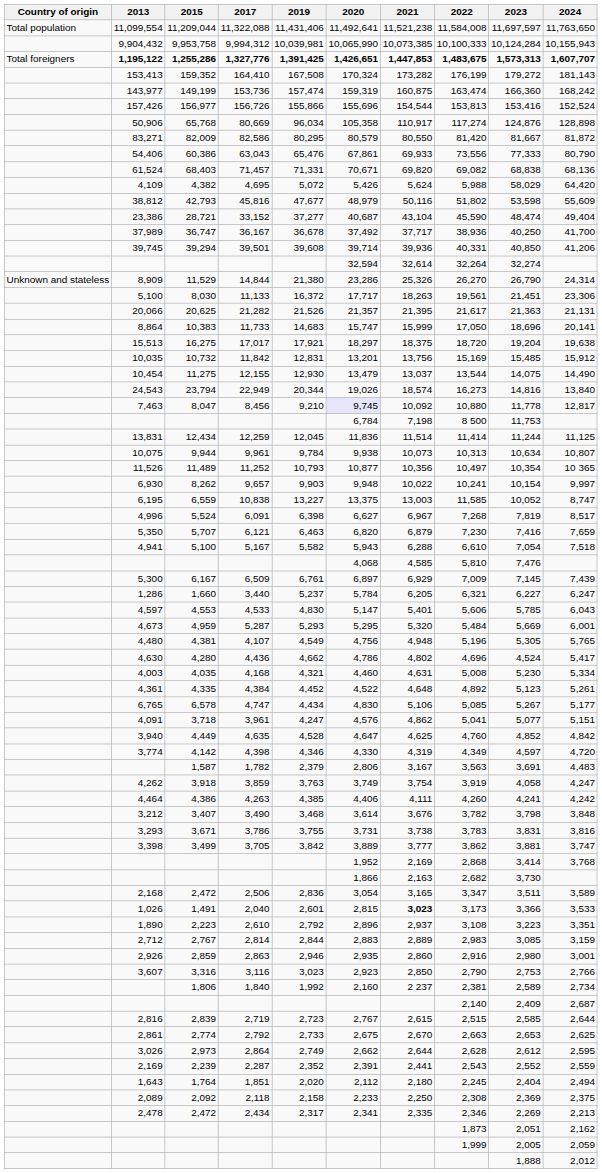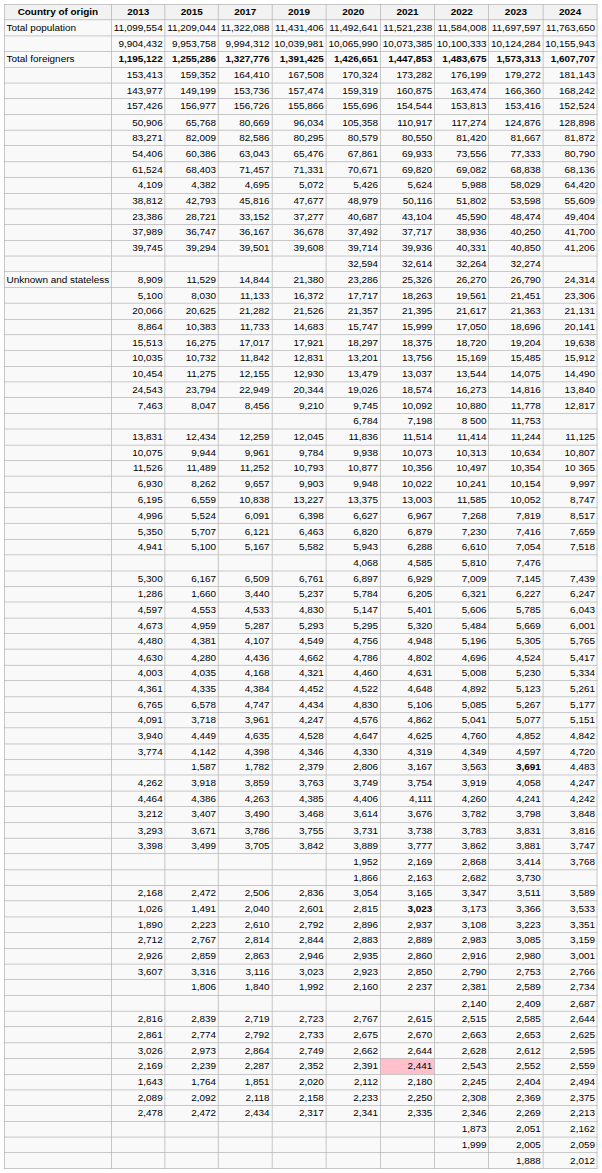 <table class="wikitable sortable">
 <tr>
 <th>Country of origin</th>
 <th>2013</th>
 <th>2015</th>
 <th>2017</th>
 <th>2019</th>
 <th>2020</th>
 <th>2021</th>
 <th>2022</th>
 <th>2023</th>
 <th>2024</th>
 </tr>
 <tr>
 <td>Total population</td>
 <td align="right">11,099,554</td>
 <td align="right">11,209,044</td>
 <td align="right">11,322,088</td>
 <td align="right">11,431,406</td>
 <td align="right">11,492,641</td>
 <td align="right">11,521,238</td>
 <td align="right">11,584,008</td>
 <td align="right">11,697,597</td>
 <td align="right">11,763,650</td>
 </tr>
 <tr>
 <td></td>
 <td align="right">9,904,432</td>
 <td align="right">9,953,758</td>
 <td align="right">9,994,312</td>
 <td align="right">10,039,981</td>
 <td align="right">10,065,990</td>
 <td align="right">10,073,385</td>
 <td align="right">10,100,333</td>
 <td align="right">10,124,284</td>
 <td align="right">10,155,943</td>
 </tr>
 <tr>
 <td>Total foreigners</td>
 <td align="right"><strong>1,195,122</strong></td>
 <td align="right"><strong>1,255,286</strong></td>
 <td align="right"><strong>1,327,776</strong></td>
 <td align="right"><strong>1,391,425</strong></td>
 <td align="right"><strong>1,426,651</strong></td>
 <td align="right"><strong>1,447,853</strong></td>
 <td align="right"><strong>1,483,675</strong></td>
 <td align="right"><strong>1,573,313</strong></td>
 <td align="right"><strong>1,607,707</strong></td>
 </tr>
 <tr>
 <td></td>
 <td align="right">153,413</td>
 <td align="right">159,352</td>
 <td align="right">164,410</td>
 <td align="right">167,508</td>
 <td align="right">170,324</td>
 <td align="right">173,282</td>
 <td align="right">176,199</td>
 <td align="right">179,272</td>
 <td align="right">181,143</td>
 </tr>
 <tr>
 <td></td>
 <td align="right">143,977</td>
 <td align="right">149,199</td>
 <td align="right">153,736</td>
 <td align="right">157,474</td>
 <td align="right">159,319</td>
 <td align="right">160,875</td>
 <td align="right">163,474</td>
 <td align="right">166,360</td>
 <td align="right">168,242</td>
 </tr>
 <tr>
 <td></td>
 <td align="right">157,426</td>
 <td align="right">156,977</td>
 <td align="right">156,726</td>
 <td align="right">155,866</td>
 <td align="right">155,696</td>
 <td align="right">154,544</td>
 <td align="right">153,813</td>
 <td align="right">153,416</td>
 <td align="right">152,524</td>
 </tr>
 <tr>
 <td></td>
 <td align="right">50,906</td>
 <td align="right">65,768</td>
 <td align="right">80,669</td>
 <td align="right">96,034</td>
 <td align="right">105,358</td>
 <td align="right">110,917</td>
 <td align="right">117,274</td>
 <td align="right">124,876</td>
 <td align="right">128,898</td>
 </tr>
 <tr>
 <td></td>
 <td align="right">83,271</td>
 <td align="right">82,009</td>
 <td align="right">82,586</td>
 <td align="right">80,295</td>
 <td align="right">80,579</td>
 <td align="right">80,550</td>
 <td align="right">81,420</td>
 <td align="right">81,667</td>
 <td align="right">81,872</td>
 </tr>
 <tr>
 <td></td>
 <td align="right">54,406</td>
 <td align="right">60,386</td>
 <td align="right">63,043</td>
 <td align="right">65,476</td>
 <td align="right">67,861</td>
 <td align="right">69,933</td>
 <td align="right">73,556</td>
 <td align="right">77,333</td>
 <td align="right">80,790</td>
 </tr>
 <tr>
 <td></td>
 <td align="right">61,524</td>
 <td align="right">68,403</td>
 <td align="right">71,457</td>
 <td align="right">71,331</td>
 <td align="right">70,671</td>
 <td align="right">69,820</td>
 <td align="right">69,082</td>
 <td align="right">68,838</td>
 <td align="right">68,136</td>
 </tr>
 <tr>
 <td></td>
 <td align="right">4,109</td>
 <td align="right">4,382</td>
 <td align="right">4,695</td>
 <td align="right">5,072</td>
 <td align="right">5,426</td>
 <td align="right">5,624</td>
 <td align="right">5,988</td>
 <td align="right">58,029</td>
 <td align="right">64,420</td>
 </tr>
 <tr>
 <td></td>
 <td align="right">38,812</td>
 <td align="right">42,793</td>
 <td align="right">45,816</td>
 <td align="right">47,677</td>
 <td align="right">48,979</td>
 <td align="right">50,116</td>
 <td align="right">51,802</td>
 <td align="right">53,598</td>
 <td align="right">55,609</td>
 </tr>
 <tr>
 <td></td>
 <td align="right">23,386</td>
 <td align="right">28,721</td>
 <td align="right">33,152</td>
 <td align="right">37,277</td>
 <td align="right">40,687</td>
 <td align="right">43,104</td>
 <td align="right">45,590</td>
 <td align="right">48,474</td>
 <td align="right">49,404</td>
 </tr>
 <tr>
 <td></td>
 <td align="right">37,989</td>
 <td align="right">36,747</td>
 <td align="right">36,167</td>
 <td align="right">36,678</td>
 <td align="right">37,492</td>
 <td align="right">37,717</td>
 <td align="right">38,936</td>
 <td align="right">40,250</td>
 <td align="right">41,700</td>
 </tr>
 <tr>
 <td></td>
 <td align="right">39,745</td>
 <td align="right">39,294</td>
 <td align="right">39,501</td>
 <td align="right">39,608</td>
 <td align="right">39,714</td>
 <td align="right">39,936</td>
 <td align="right">40,331</td>
 <td align="right">40,850</td>
 <td align="right">41,206</td>
 </tr>
 <tr>
 <td></td>
 <td align="right"></td>
 <td align="right"></td>
 <td align="right"></td>
 <td align="right"></td>
 <td align="right">32,594</td>
 <td align="right">32,614</td>
 <td align="right">32,264</td>
 <td align="right">32,274</td>
 <td></td>
 </tr>
 <tr>
 <td>Unknown and stateless</td>
 <td align="right">8,909</td>
 <td align="right">11,529</td>
 <td align="right">14,844</td>
 <td align="right">21,380</td>
 <td align="right">23,286</td>
 <td align="right">25,326</td>
 <td align="right">26,270</td>
 <td align="right">26,790</td>
 <td align="right">24,314</td>
 </tr>
 <tr>
 <td></td>
 <td align="right">5,100</td>
 <td align="right">8,030</td>
 <td align="right">11,133</td>
 <td align="right">16,372</td>
 <td align="right">17,717</td>
 <td align="right">18,263</td>
 <td align="right">19,561</td>
 <td align="right">21,451</td>
 <td align="right">23,306</td>
 </tr>
 <tr>
 <td></td>
 <td align="right">20,066</td>
 <td align="right">20,625</td>
 <td align="right">21,282</td>
 <td align="right">21,526</td>
 <td align="right">21,357</td>
 <td align="right">21,395</td>
 <td align="right">21,617</td>
 <td align="right">21,363</td>
 <td align="right">21,131</td>
 </tr>
 <tr>
 <td></td>
 <td align="right">8,864</td>
 <td align="right">10,383</td>
 <td align="right">11,733</td>
 <td align="right">14,683</td>
 <td align="right">15,747</td>
 <td align="right">15,999</td>
 <td align="right">17,050</td>
 <td align="right">18,696</td>
 <td align="right">20,141</td>
 </tr>
 <tr>
 <td></td>
 <td align="right">15,513</td>
 <td align="right">16,275</td>
 <td align="right">17,017</td>
 <td align="right">17,921</td>
 <td align="right">18,297</td>
 <td align="right">18,375</td>
 <td align="right">18,720</td>
 <td align="right">19,204</td>
 <td align="right">19,638</td>
 </tr>
 <tr>
 <td></td>
 <td align="right">10,035</td>
 <td align="right">10,732</td>
 <td align="right">11,842</td>
 <td align="right">12,831</td>
 <td align="right">13,201</td>
 <td align="right">13,756</td>
 <td align="right">15,169</td>
 <td align="right">15,485</td>
 <td align="right">15,912</td>
 </tr>
 <tr>
 <td></td>
 <td align="right">10,454</td>
 <td align="right">11,275</td>
 <td align="right">12,155</td>
 <td align="right">12,930</td>
 <td align="right">13,479</td>
 <td align="right">13,037</td>
 <td align="right">13,544</td>
 <td align="right">14,075</td>
 <td align="right">14,490</td>
 </tr>
 <tr>
 <td></td>
 <td align="right">24,543</td>
 <td align="right">23,794</td>
 <td align="right">22,949</td>
 <td align="right">20,344</td>
 <td align="right">19,026</td>
 <td align="right">18,574</td>
 <td align="right">16,273</td>
 <td align="right">14,816</td>
 <td align="right">13,840</td>
 </tr>
 <tr>
 <td></td>
 <td align="right">7,463</td>
 <td align="right">8,047</td>
 <td align="right">8,456</td>
 <td align="right">9,210</td>
-<td align="right" style="background: lavender;">9,745</td>
+<td align="right">9,745</td>
 <td align="right">10,092</td>
 <td align="right">10,880</td>
 <td align="right">11,778</td>
 <td align="right">12,817</td>
 </tr>
 <tr>
 <td></td>
 <td align="right"></td>
 <td align="right"></td>
 <td align="right"></td>
 <td align="right"></td>
 <td align="right">6,784</td>
 <td align="right">7,198</td>
 <td align="right">8 500</td>
 <td align="right">11,753</td>
 <td></td>
 </tr>
 <tr>
 <td></td>
 <td align="right">13,831</td>
 <td align="right">12,434</td>
 <td align="right">12,259</td>
 <td align="right">12,045</td>
 <td align="right">11,836</td>
 <td align="right">11,514</td>
 <td align="right">11,414</td>
 <td align="right">11,244</td>
 <td align="right">11,125</td>
 </tr>
 <tr>
 <td></td>
 <td align="right">10,075</td>
 <td align="right">9,944</td>
 <td align="right">9,961</td>
 <td align="right">9,784</td>
 <td align="right">9,938</td>
 <td align="right">10,073</td>
 <td align="right">10,313</td>
 <td align="right">10,634</td>
 <td align="right">10,807</td>
 </tr>
 <tr>
 <td></td>
 <td align="right">11,526</td>
 <td align="right">11,489</td>
 <td align="right">11,252</td>
 <td align="right">10,793</td>
 <td align="right">10,877</td>
 <td align="right">10,356</td>
 <td align="right">10,497</td>
 <td align="right">10,354</td>
 <td align="right">10 365</td>
 </tr>
 <tr>
 <td></td>
 <td align="right">6,930</td>
 <td align="right">8,262</td>
 <td align="right">9,657</td>
 <td align="right">9,903</td>
 <td align="right">9,948</td>
 <td align="right">10,022</td>
 <td align="right">10,241</td>
 <td align="right">10,154</td>
 <td align="right">9,997</td>
 </tr>
 <tr>
 <td></td>
 <td align="right">6,195</td>
 <td align="right">6,559</td>
 <td align="right">10,838</td>
 <td align="right">13,227</td>
 <td align="right">13,375</td>
 <td align="right">13,003</td>
 <td align="right">11,585</td>
 <td align="right">10,052</td>
 <td align="right">8,747</td>
 </tr>
 <tr>
 <td></td>
 <td align="right">4,996</td>
 <td align="right">5,524</td>
 <td align="right">6,091</td>
 <td align="right">6,398</td>
 <td align="right">6,627</td>
 <td align="right">6,967</td>
 <td align="right">7,268</td>
 <td align="right">7,819</td>
 <td align="right">8,517</td>
 </tr>
 <tr>
 <td></td>
 <td align="right">5,350</td>
 <td align="right">5,707</td>
 <td align="right">6,121</td>
 <td align="right">6,463</td>
 <td align="right">6,820</td>
 <td align="right">6,879</td>
 <td align="right">7,230</td>
 <td align="right">7,416</td>
 <td align="right">7,659</td>
 </tr>
 <tr>
 <td></td>
 <td align="right">4,941</td>
 <td align="right">5,100</td>
 <td align="right">5,167</td>
 <td align="right">5,582</td>
 <td align="right">5,943</td>
 <td align="right">6,288</td>
 <td align="right">6,610</td>
 <td align="right">7,054</td>
 <td align="right">7,518</td>
 </tr>
 <tr>
 <td></td>
 <td align="right"></td>
 <td align="right"></td>
 <td align="right"></td>
 <td align="right"></td>
 <td align="right">4,068</td>
 <td align="right">4,585</td>
 <td align="right">5,810</td>
 <td align="right">7,476</td>
 <td></td>
 </tr>
 <tr>
 <td></td>
 <td align="right">5,300</td>
 <td align="right">6,167</td>
 <td align="right">6,509</td>
 <td align="right">6,761</td>
 <td align="right">6,897</td>
 <td align="right">6,929</td>
 <td align="right">7,009</td>
 <td align="right">7,145</td>
 <td align="right">7,439</td>
 </tr>
 <tr>
 <td></td>
 <td align="right">1,286</td>
 <td align="right">1,660</td>
 <td align="right">3,440</td>
 <td align="right">5,237</td>
 <td align="right">5,784</td>
 <td align="right">6,205</td>
 <td align="right">6,321</td>
 <td align="right">6,227</td>
 <td align="right">6,247</td>
 </tr>
 <tr>
 <td></td>
 <td align="right">4,597</td>
 <td align="right">4,553</td>
 <td align="right">4,533</td>
 <td align="right">4,830</td>
 <td align="right">5,147</td>
 <td align="right">5,401</td>
 <td align="right">5,606</td>
 <td align="right">5,785</td>
 <td align="right">6,043</td>
 </tr>
 <tr>
 <td></td>
 <td align="right">4,673</td>
 <td align="right">4,959</td>
 <td align="right">5,287</td>
 <td align="right">5,293</td>
 <td align="right">5,295</td>
 <td align="right">5,320</td>
 <td align="right">5,484</td>
 <td align="right">5,669</td>
 <td align="right">6,001</td>
 </tr>
 <tr>
 <td></td>
 <td align="right">4,480</td>
 <td align="right">4,381</td>
 <td align="right">4,107</td>
 <td align="right">4,549</td>
 <td align="right">4,756</td>
 <td align="right">4,948</td>
 <td align="right">5,196</td>
 <td align="right">5,305</td>
 <td align="right">5,765</td>
 </tr>
 <tr>
 <td></td>
 <td align="right">4,630</td>
 <td align="right">4,280</td>
 <td align="right">4,436</td>
 <td align="right">4,662</td>
 <td align="right">4,786</td>
 <td align="right">4,802</td>
 <td align="right">4,696</td>
 <td align="right">4,524</td>
 <td align="right">5,417</td>
 </tr>
 <tr>
 <td></td>
 <td align="right">4,003</td>
 <td align="right">4,035</td>
 <td align="right">4,168</td>
 <td align="right">4,321</td>
 <td align="right">4,460</td>
 <td align="right">4,631</td>
 <td align="right">5,008</td>
 <td align="right">5,230</td>
 <td align="right">5,334</td>
 </tr>
 <tr>
 <td></td>
 <td align="right">4,361</td>
 <td align="right">4,335</td>
 <td align="right">4,384</td>
 <td align="right">4,452</td>
 <td align="right">4,522</td>
 <td align="right">4,648</td>
 <td align="right">4,892</td>
 <td align="right">5,123</td>
 <td align="right">5,261</td>
 </tr>
 <tr>
 <td></td>
 <td align="right">6,765</td>
 <td align="right">6,578</td>
 <td align="right">4,747</td>
 <td align="right">4,434</td>
 <td align="right">4,830</td>
 <td align="right">5,106</td>
 <td align="right">5,085</td>
 <td align="right">5,267</td>
 <td align="right">5,177</td>
 </tr>
 <tr>
 <td></td>
 <td align="right">4,091</td>
 <td align="right">3,718</td>
 <td align="right">3,961</td>
 <td align="right">4,247</td>
 <td align="right">4,576</td>
 <td align="right">4,862</td>
 <td align="right">5,041</td>
 <td align="right">5,077</td>
 <td align="right">5,151</td>
 </tr>
 <tr>
 <td></td>
 <td align="right">3,940</td>
 <td align="right">4,449</td>
 <td align="right">4,635</td>
 <td align="right">4,528</td>
 <td align="right">4,647</td>
 <td align="right">4,625</td>
 <td align="right">4,760</td>
 <td align="right">4,852</td>
 <td align="right">4,842</td>
 </tr>
 <tr>
 <td></td>
 <td align="right">3,774</td>
 <td align="right">4,142</td>
 <td align="right">4,398</td>
 <td align="right">4,346</td>
 <td align="right">4,330</td>
 <td align="right">4,319</td>
 <td align="right">4,349</td>
 <td align="right">4,597</td>
 <td align="right">4,720</td>
 </tr>
 <tr>
 <td></td>
 <td align="right"></td>
 <td align="right">1,587</td>
 <td align="right">1,782</td>
 <td align="right">2,379</td>
 <td align="right">2,806</td>
 <td align="right">3,167</td>
 <td align="right">3,563</td>
-<td align="right">3,691</td>
+<td align="right"><strong>3,691</strong></td>
 <td align="right">4,483</td>
 </tr>
 <tr>
 <td></td>
 <td align="right">4,262</td>
 <td align="right">3,918</td>
 <td align="right">3,859</td>
 <td align="right">3,763</td>
 <td align="right">3,749</td>
 <td align="right">3,754</td>
 <td align="right">3,919</td>
 <td align="right">4,058</td>
 <td align="right">4,247</td>
 </tr>
 <tr>
 <td></td>
 <td align="right">4,464</td>
 <td align="right">4,386</td>
 <td align="right">4,263</td>
 <td align="right">4,385</td>
 <td align="right">4,406</td>
 <td align="right">4,111</td>
 <td align="right">4,260</td>
 <td align="right">4,241</td>
 <td align="right">4,242</td>
 </tr>
 <tr>
 <td></td>
 <td align="right">3,212</td>
 <td align="right">3,407</td>
 <td align="right">3,490</td>
 <td align="right">3,468</td>
 <td align="right">3,614</td>
 <td align="right">3,676</td>
 <td align="right">3,782</td>
 <td align="right">3,798</td>
 <td align="right">3,848</td>
 </tr>
 <tr>
 <td></td>
 <td align="right">3,293</td>
 <td align="right">3,671</td>
 <td align="right">3,786</td>
 <td align="right">3,755</td>
 <td align="right">3,731</td>
 <td align="right">3,738</td>
 <td align="right">3,783</td>
 <td align="right">3,831</td>
 <td align="right">3,816</td>
 </tr>
 <tr>
 <td></td>
 <td align="right">3,398</td>
 <td align="right">3,499</td>
 <td align="right">3,705</td>
 <td align="right">3,842</td>
 <td align="right">3,889</td>
 <td align="right">3,777</td>
 <td align="right">3,862</td>
 <td align="right">3,881</td>
 <td align="right">3,747</td>
 </tr>
 <tr>
 <td></td>
 <td align="right"></td>
 <td align="right"></td>
 <td align="right"></td>
 <td align="right"></td>
 <td align="right">1,952</td>
 <td align="right">2,169</td>
 <td align="right">2,868</td>
 <td align="right">3,414</td>
 <td align="right">3,768</td>
 </tr>
 <tr>
 <td></td>
 <td align="right"></td>
 <td align="right"></td>
 <td align="right"></td>
 <td align="right"></td>
 <td align="right">1,866</td>
 <td align="right">2,163</td>
 <td align="right">2,682</td>
 <td align="right">3,730</td>
 <td></td>
 </tr>
 <tr>
 <td></td>
 <td align="right">2,168</td>
 <td align="right">2,472</td>
 <td align="right">2,506</td>
 <td align="right">2,836</td>
 <td align="right">3,054</td>
 <td align="right">3,165</td>
 <td align="right">3,347</td>
 <td align="right">3,511</td>
 <td align="right">3,589</td>
 </tr>
 <tr>
 <td></td>
 <td align="right">1,026</td>
 <td align="right">1,491</td>
 <td align="right">2,040</td>
 <td align="right">2,601</td>
 <td align="right">2,815</td>
 <td align="right"><strong>3,023</strong></td>
 <td align="right">3,173</td>
 <td align="right">3,366</td>
 <td align="right">3,533</td>
 </tr>
 <tr>
 <td></td>
 <td align="right">1,890</td>
 <td align="right">2,223</td>
 <td align="right">2,610</td>
 <td align="right">2,792</td>
 <td align="right">2,896</td>
 <td align="right">2,937</td>
 <td align="right">3,108</td>
 <td align="right">3,223</td>
 <td align="right">3,351</td>
 </tr>
 <tr>
 <td></td>
 <td align="right">2,712</td>
 <td align="right">2,767</td>
 <td align="right">2,814</td>
 <td align="right">2,844</td>
 <td align="right">2,883</td>
 <td align="right">2,889</td>
 <td align="right">2,983</td>
 <td align="right">3,085</td>
 <td align="right">3,159</td>
 </tr>
 <tr>
 <td></td>
 <td align="right">2,926</td>
 <td align="right">2,859</td>
 <td align="right">2,863</td>
 <td align="right">2,946</td>
 <td align="right">2,935</td>
 <td align="right">2,860</td>
 <td align="right">2,916</td>
 <td align="right">2,980</td>
 <td align="right">3,001</td>
 </tr>
 <tr>
 <td></td>
 <td align="right">3,607</td>
 <td align="right">3,316</td>
 <td align="right">3,116</td>
 <td align="right">3,023</td>
 <td align="right">2,923</td>
 <td align="right">2,850</td>
 <td align="right">2,790</td>
 <td align="right">2,753</td>
 <td align="right">2,766</td>
 </tr>
 <tr>
 <td></td>
 <td align="right"></td>
 <td align="right">1,806</td>
 <td align="right">1,840</td>
 <td align="right">1,992</td>
 <td align="right">2,160</td>
 <td align="right">2 237</td>
 <td align="right">2,381</td>
 <td align="right">2,589</td>
 <td align="right">2,734</td>
 </tr>
 <tr>
 <td></td>
 <td align="right"></td>
 <td align="right"></td>
 <td align="right"></td>
 <td align="right"></td>
 <td align="right"></td>
 <td align="right"></td>
 <td align="right">2,140</td>
 <td align="right">2,409</td>
 <td align="right">2,687</td>
 </tr>
 <tr>
 <td></td>
 <td align="right">2,816</td>
 <td align="right">2,839</td>
 <td align="right">2,719</td>
 <td align="right">2,723</td>
 <td align="right">2,767</td>
 <td align="right">2,615</td>
 <td align="right">2,515</td>
 <td align="right">2,585</td>
 <td align="right">2,644</td>
 </tr>
 <tr>
 <td></td>
 <td align="right">2,861</td>
 <td align="right">2,774</td>
 <td align="right">2,792</td>
 <td align="right">2,733</td>
 <td align="right">2,675</td>
 <td align="right">2,670</td>
 <td align="right">2,663</td>
 <td align="right">2,653</td>
 <td align="right">2,625</td>
 </tr>
 <tr>
 <td></td>
 <td align="right">3,026</td>
 <td align="right">2,973</td>
 <td align="right">2,864</td>
 <td align="right">2,749</td>
 <td align="right">2,662</td>
 <td align="right">2,644</td>
 <td align="right">2,628</td>
 <td align="right">2,612</td>
 <td align="right">2,595</td>
 </tr>
 <tr>
 <td></td>
 <td align="right">2,169</td>
 <td align="right">2,239</td>
 <td align="right">2,287</td>
 <td align="right">2,352</td>
 <td align="right">2,391</td>
-<td align="right">2,441</td>
+<td align="right" style="background: pink;">2,441</td>
 <td align="right">2,543</td>
 <td align="right">2,552</td>
 <td align="right">2,559</td>
 </tr>
 <tr>
 <td></td>
 <td align="right">1,643</td>
 <td align="right">1,764</td>
 <td align="right">1,851</td>
 <td align="right">2,020</td>
 <td align="right">2,112</td>
 <td align="right">2,180</td>
 <td align="right">2,245</td>
 <td align="right">2,404</td>
 <td align="right">2,494</td>
 </tr>
 <tr>
 <td></td>
 <td align="right">2,089</td>
 <td align="right">2,092</td>
 <td align="right">2,118</td>
 <td align="right">2,158</td>
 <td align="right">2,233</td>
 <td align="right">2,250</td>
 <td align="right">2,308</td>
 <td align="right">2,369</td>
 <td align="right">2,375</td>
 </tr>
 <tr>
 <td></td>
 <td align="right">2,478</td>
 <td align="right">2,472</td>
 <td align="right">2,434</td>
 <td align="right">2,317</td>
 <td align="right">2,341</td>
 <td align="right">2,335</td>
 <td align="right">2,346</td>
 <td align="right">2,269</td>
 <td align="right">2,213</td>
 </tr>
 <tr>
 <td></td>
 <td align="right"></td>
 <td align="right"></td>
 <td align="right"></td>
 <td align="right"></td>
 <td align="right"></td>
 <td align="right"></td>
 <td align="right">1,873</td>
 <td align="right">2,051</td>
 <td align="right">2,162</td>
 </tr>
 <tr>
 <td></td>
 <td align="right"></td>
 <td align="right"></td>
 <td align="right"></td>
 <td align="right"></td>
 <td align="right"></td>
 <td align="right"></td>
 <td align="right">1,999</td>
 <td align="right">2,005</td>
 <td align="right">2,059</td>
 </tr>
 <tr>
 <td></td>
 <td align="right"></td>
 <td align="right"></td>
 <td align="right"></td>
 <td align="right"></td>
 <td align="right"></td>
 <td align="right"></td>
 <td align="right"></td>
 <td align="right">1,888</td>
 <td align="right">2,012</td>
 </tr>
 </table>
